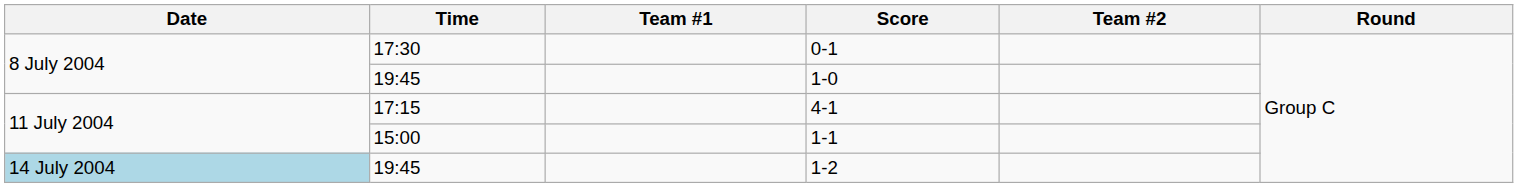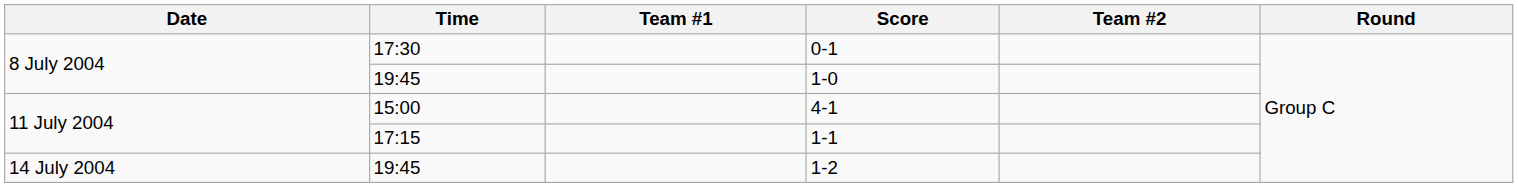 <table class="wikitable" width="65%">
 <tr>
 <th>Date</th>
 <th>Time</th>
 <th>Team #1</th>
 <th>Score</th>
 <th>Team #2</th>
 <th>Round</th>
 </tr>
 <tr>
 <td rowspan="2">8 July 2004</td>
 <td>17:30</td>
 <td></td>
 <td>0-1</td>
 <td></td>
 <td rowspan="5">Group C</td>
 </tr>
 <tr>
 <td>19:45</td>
 <td></td>
 <td>1-0</td>
 <td></td>
 </tr>
 <tr>
 <td rowspan="2">11 July 2004</td>
-<td>17:15</td>
+<td>15:00</td>
 <td></td>
 <td>4-1</td>
 <td></td>
 </tr>
 <tr>
-<td>15:00</td>
+<td>17:15</td>
 <td></td>
 <td>1-1</td>
 <td></td>
 </tr>
 <tr>
-<td style="background: lightblue;">14 July 2004</td>
+<td>14 July 2004</td>
 <td>19:45</td>
 <td></td>
 <td>1-2</td>
 <td></td>
 </tr>
 </table>
